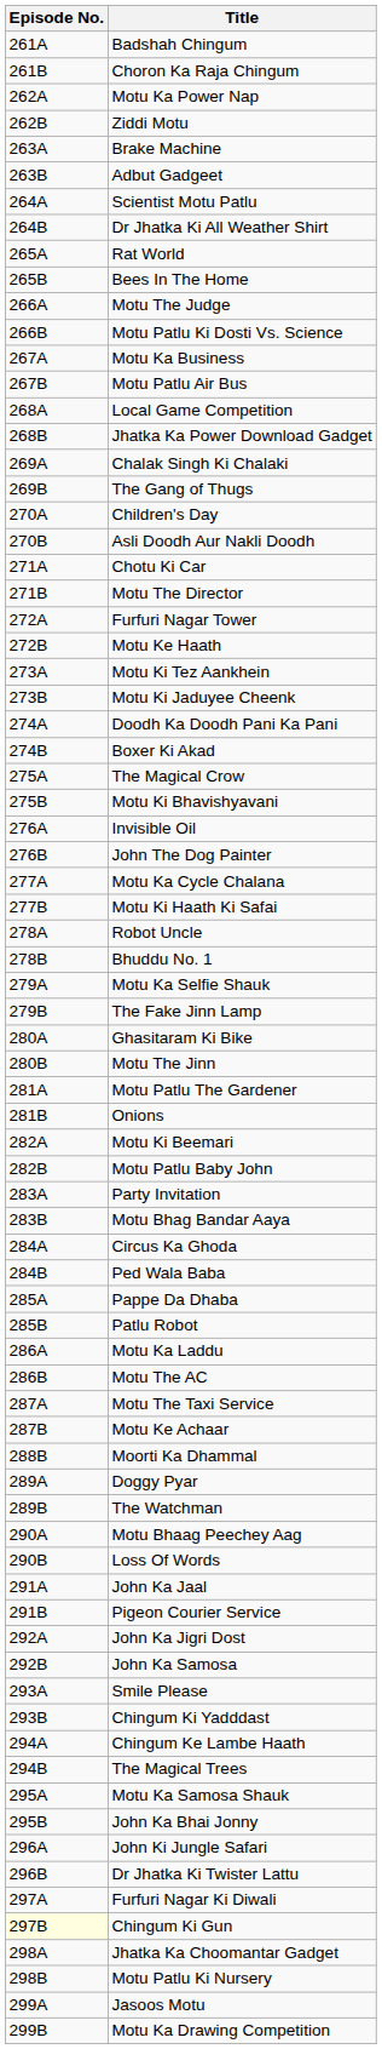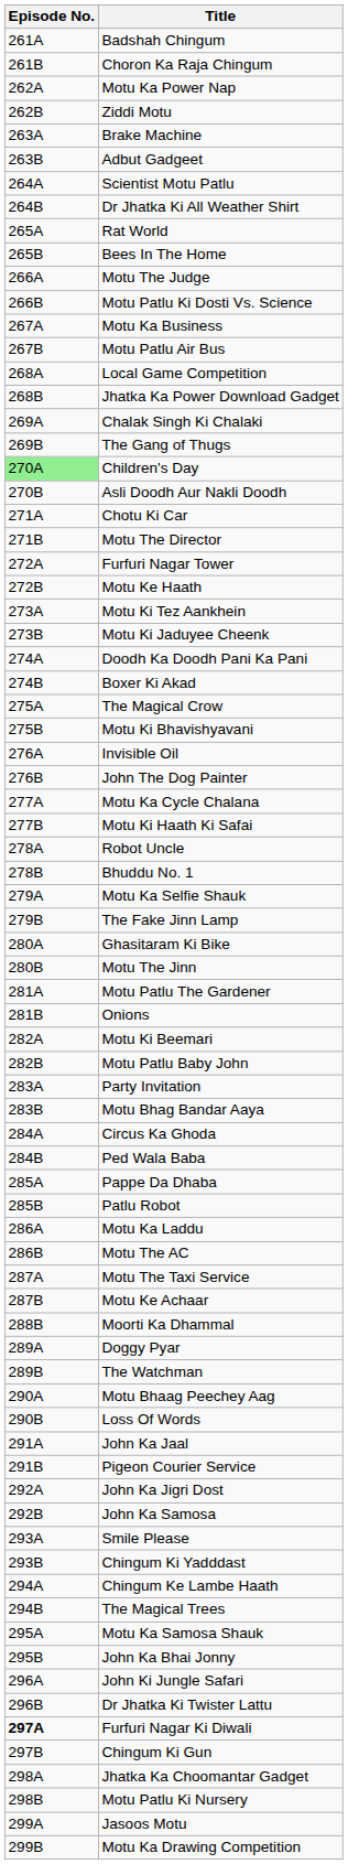 <table class="wikitable">
 <tr>
 <th>Episode No.</th>
 <th>Title</th>
 </tr>
 <tr>
 <td>261A</td>
 <td>Badshah Chingum</td>
 </tr>
 <tr>
 <td>261B</td>
 <td>Choron Ka Raja Chingum</td>
 </tr>
 <tr>
 <td>262A</td>
 <td>Motu Ka Power Nap</td>
 </tr>
 <tr>
 <td>262B</td>
 <td>Ziddi Motu</td>
 </tr>
 <tr>
 <td>263A</td>
 <td>Brake Machine</td>
 </tr>
 <tr>
 <td>263B</td>
 <td>Adbut Gadgeet</td>
 </tr>
 <tr>
 <td>264A</td>
 <td>Scientist Motu Patlu</td>
 </tr>
 <tr>
 <td>264B</td>
 <td>Dr Jhatka Ki All Weather Shirt</td>
 </tr>
 <tr>
 <td>265A</td>
 <td>Rat World</td>
 </tr>
 <tr>
 <td>265B</td>
 <td>Bees In The Home</td>
 </tr>
 <tr>
 <td>266A</td>
 <td>Motu The Judge</td>
 </tr>
 <tr>
 <td>266B</td>
 <td>Motu Patlu Ki Dosti Vs. Science</td>
 </tr>
 <tr>
 <td>267A</td>
 <td>Motu Ka Business</td>
 </tr>
 <tr>
 <td>267B</td>
 <td>Motu Patlu Air Bus</td>
 </tr>
 <tr>
 <td>268A</td>
 <td>Local Game Competition</td>
 </tr>
 <tr>
 <td>268B</td>
 <td>Jhatka Ka Power Download Gadget</td>
 </tr>
 <tr>
 <td>269A</td>
 <td>Chalak Singh Ki Chalaki</td>
 </tr>
 <tr>
 <td>269B</td>
 <td>The Gang of Thugs</td>
 </tr>
 <tr>
-<td>270A</td>
+<td style="background: lightgreen;">270A</td>
 <td>Children's Day</td>
 </tr>
 <tr>
 <td>270B</td>
 <td>Asli Doodh Aur Nakli Doodh</td>
 </tr>
 <tr>
 <td>271A</td>
 <td>Chotu Ki Car</td>
 </tr>
 <tr>
 <td>271B</td>
 <td>Motu The Director</td>
 </tr>
 <tr>
 <td>272A</td>
 <td>Furfuri Nagar Tower</td>
 </tr>
 <tr>
 <td>272B</td>
 <td>Motu Ke Haath</td>
 </tr>
 <tr>
 <td>273A</td>
 <td>Motu Ki Tez Aankhein</td>
 </tr>
 <tr>
 <td>273B</td>
 <td>Motu Ki Jaduyee Cheenk</td>
 </tr>
 <tr>
 <td>274A</td>
 <td>Doodh Ka Doodh Pani Ka Pani</td>
 </tr>
 <tr>
 <td>274B</td>
 <td>Boxer Ki Akad</td>
 </tr>
 <tr>
 <td>275A</td>
 <td>The Magical Crow</td>
 </tr>
 <tr>
 <td>275B</td>
 <td>Motu Ki Bhavishyavani</td>
 </tr>
 <tr>
 <td>276A</td>
 <td>Invisible Oil</td>
 </tr>
 <tr>
 <td>276B</td>
 <td>John The Dog Painter</td>
 </tr>
 <tr>
 <td>277A</td>
 <td>Motu Ka Cycle Chalana</td>
 </tr>
 <tr>
 <td>277B</td>
 <td>Motu Ki Haath Ki Safai</td>
 </tr>
 <tr>
 <td>278A</td>
 <td>Robot Uncle</td>
 </tr>
 <tr>
 <td>278B</td>
 <td>Bhuddu No. 1</td>
 </tr>
 <tr>
 <td>279A</td>
 <td>Motu Ka Selfie Shauk</td>
 </tr>
 <tr>
 <td>279B</td>
 <td>The Fake Jinn Lamp</td>
 </tr>
 <tr>
 <td>280A</td>
 <td>Ghasitaram Ki Bike</td>
 </tr>
 <tr>
 <td>280B</td>
 <td>Motu The Jinn</td>
 </tr>
 <tr>
 <td>281A</td>
 <td>Motu Patlu The Gardener</td>
 </tr>
 <tr>
 <td>281B</td>
 <td>Onions</td>
 </tr>
 <tr>
 <td>282A</td>
 <td>Motu Ki Beemari</td>
 </tr>
 <tr>
 <td>282B</td>
 <td>Motu Patlu Baby John</td>
 </tr>
 <tr>
 <td>283A</td>
 <td>Party Invitation</td>
 </tr>
 <tr>
 <td>283B</td>
 <td>Motu Bhag Bandar Aaya</td>
 </tr>
 <tr>
 <td>284A</td>
 <td>Circus Ka Ghoda</td>
 </tr>
 <tr>
 <td>284B</td>
 <td>Ped Wala Baba</td>
 </tr>
 <tr>
 <td>285A</td>
 <td>Pappe Da Dhaba</td>
 </tr>
 <tr>
 <td>285B</td>
 <td>Patlu Robot</td>
 </tr>
 <tr>
 <td>286A</td>
 <td>Motu Ka Laddu</td>
 </tr>
 <tr>
 <td>286B</td>
 <td>Motu The AC</td>
 </tr>
 <tr>
 <td>287A</td>
 <td>Motu The Taxi Service</td>
 </tr>
 <tr>
 <td>287B</td>
 <td>Motu Ke Achaar</td>
 </tr>
 <tr>
 <td>288B</td>
 <td>Moorti Ka Dhammal</td>
 </tr>
 <tr>
 <td>289A</td>
 <td>Doggy Pyar</td>
 </tr>
 <tr>
 <td>289B</td>
 <td>The Watchman</td>
 </tr>
 <tr>
 <td>290A</td>
 <td>Motu Bhaag Peechey Aag</td>
 </tr>
 <tr>
 <td>290B</td>
 <td>Loss Of Words</td>
 </tr>
 <tr>
 <td>291A</td>
 <td>John Ka Jaal</td>
 </tr>
 <tr>
 <td>291B</td>
 <td>Pigeon Courier Service</td>
 </tr>
 <tr>
 <td>292A</td>
 <td>John Ka Jigri Dost</td>
 </tr>
 <tr>
 <td>292B</td>
 <td>John Ka Samosa</td>
 </tr>
 <tr>
 <td>293A</td>
 <td>Smile Please</td>
 </tr>
 <tr>
 <td>293B</td>
 <td>Chingum Ki Yadddast</td>
 </tr>
 <tr>
 <td>294A</td>
 <td>Chingum Ke Lambe Haath</td>
 </tr>
 <tr>
 <td>294B</td>
 <td>The Magical Trees</td>
 </tr>
 <tr>
 <td>295A</td>
 <td>Motu Ka Samosa Shauk</td>
 </tr>
 <tr>
 <td>295B</td>
 <td>John Ka Bhai Jonny</td>
 </tr>
 <tr>
 <td>296A</td>
 <td>John Ki Jungle Safari</td>
 </tr>
 <tr>
 <td>296B</td>
 <td>Dr Jhatka Ki Twister Lattu</td>
 </tr>
 <tr>
-<td>297A</td>
+<td><strong>297A</strong></td>
 <td>Furfuri Nagar Ki Diwali</td>
 </tr>
 <tr>
-<td style="background: lightyellow;">297B</td>
+<td>297B</td>
 <td>Chingum Ki Gun</td>
 </tr>
 <tr>
 <td>298A</td>
 <td>Jhatka Ka Choomantar Gadget</td>
 </tr>
 <tr>
 <td>298B</td>
 <td>Motu Patlu Ki Nursery</td>
 </tr>
 <tr>
 <td>299A</td>
 <td>Jasoos Motu</td>
 </tr>
 <tr>
 <td>299B</td>
 <td>Motu Ka Drawing Competition</td>
 </tr>
 </table>
